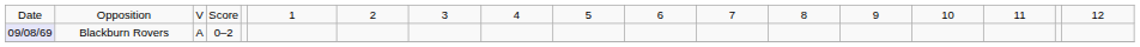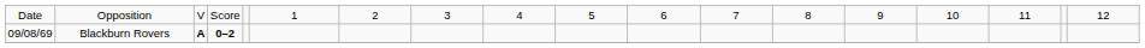 <table class="wikitable" style="font-size: 80%; text-align: center;">
 <tr style="text-align:center;">
 <td style="width:10px; ">Date</td>
 <td style="width:150px; ">Opposition</td>
 <td style="width:5px; ">V</td>
 <td style="width:5px; ">Score</td>
 <td style="width:1px; text-align:center;"></td>
 <td style="width:95px; ">1</td>
 <td style="width:75px; ">2</td>
 <td style="width:75px; ">3</td>
 <td style="width:75px; ">4</td>
 <td style="width:75px; ">5</td>
 <td style="width:75px; ">6</td>
 <td style="width:75px; ">7</td>
 <td style="width:75px; ">8</td>
 <td style="width:75px; ">9</td>
 <td style="width:75px; ">10</td>
 <td style="width:75px; ">11</td>
 <td style="width:1px; text-align:center;"></td>
 <td style="width:75px; ">12</td>
 </tr>
 <tr>
-<td style="background: lavender;">09/08/69</td>
+<td>09/08/69</td>
 <td>Blackburn Rovers</td>
-<td>A</td>
-<td>0–2</td>
+<td><strong>A</strong></td>
+<td><strong>0–2</strong></td>
 <td></td>
 <td></td>
 <td></td>
 <td></td>
 <td></td>
 <td></td>
 <td></td>
 <td></td>
 <td></td>
 <td></td>
 <td></td>
 <td></td>
 <td></td>
 <td></td>
 </tr>
 <tr>
 </tr>
 </table>
